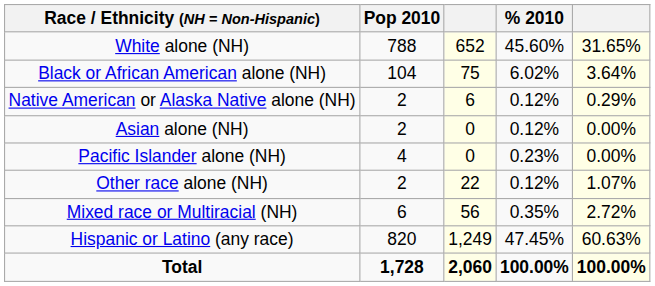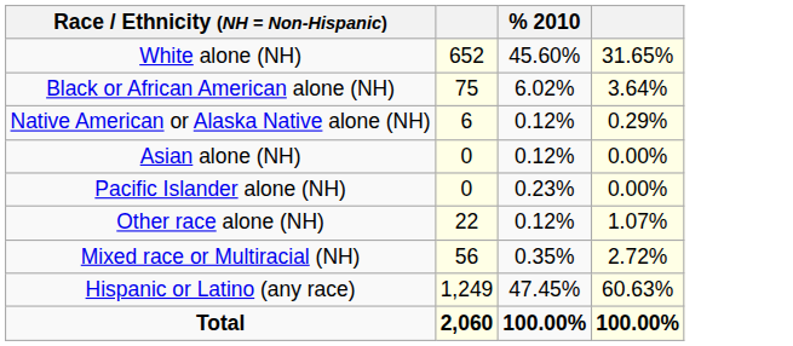 <table class="wikitable" style="text-align:center;">
 <tr>
 <th>Race / Ethnicity <small>(<em>NH = Non-Hispanic</em>)</small></th>
-<th>Pop 2010</th>
 <th></th>
 <th>% 2010</th>
 <th></th>
 </tr>
 <tr>
 <td><a href='#'>White</a> alone (NH)</td>
-<td>788</td>
 <td style='background: #ffffe6;'>652</td>
 <td>45.60%</td>
 <td style='background: #ffffe6;'>31.65%</td>
 </tr>
 <tr>
 <td><a href='#'>Black or African American</a> alone (NH)</td>
-<td>104</td>
 <td style='background: #ffffe6;'>75</td>
 <td>6.02%</td>
 <td style='background: #ffffe6;'>3.64%</td>
 </tr>
 <tr>
 <td><a href='#'>Native American</a> or <a href='#'>Alaska Native</a> alone (NH)</td>
-<td>2</td>
 <td style='background: #ffffe6;'>6</td>
 <td>0.12%</td>
 <td style='background: #ffffe6;'>0.29%</td>
 </tr>
 <tr>
 <td><a href='#'>Asian</a> alone (NH)</td>
-<td>2</td>
 <td style='background: #ffffe6;'>0</td>
 <td>0.12%</td>
 <td style='background: #ffffe6;'>0.00%</td>
 </tr>
 <tr>
 <td><a href='#'>Pacific Islander</a> alone (NH)</td>
-<td>4</td>
 <td style='background: #ffffe6;'>0</td>
 <td>0.23%</td>
 <td style='background: #ffffe6;'>0.00%</td>
 </tr>
 <tr>
 <td><a href='#'>Other race</a> alone (NH)</td>
-<td>2</td>
 <td style='background: #ffffe6;'>22</td>
 <td>0.12%</td>
 <td style='background: #ffffe6;'>1.07%</td>
 </tr>
 <tr>
 <td><a href='#'>Mixed race or Multiracial</a> (NH)</td>
-<td>6</td>
 <td style='background: #ffffe6;'>56</td>
 <td>0.35%</td>
 <td style='background: #ffffe6;'>2.72%</td>
 </tr>
 <tr>
 <td><a href='#'>Hispanic or Latino</a> (any race)</td>
-<td>820</td>
 <td style='background: #ffffe6;'>1,249</td>
 <td>47.45%</td>
 <td style='background: #ffffe6;'>60.63%</td>
 </tr>
 <tr>
 <td><strong>Total</strong></td>
-<td><strong>1,728</strong></td>
 <td style='background: #ffffe6;'><strong>2,060</strong></td>
 <td><strong>100.00%</strong></td>
 <td style='background: #ffffe6;'><strong>100.00%</strong></td>
 </tr>
 </table>
